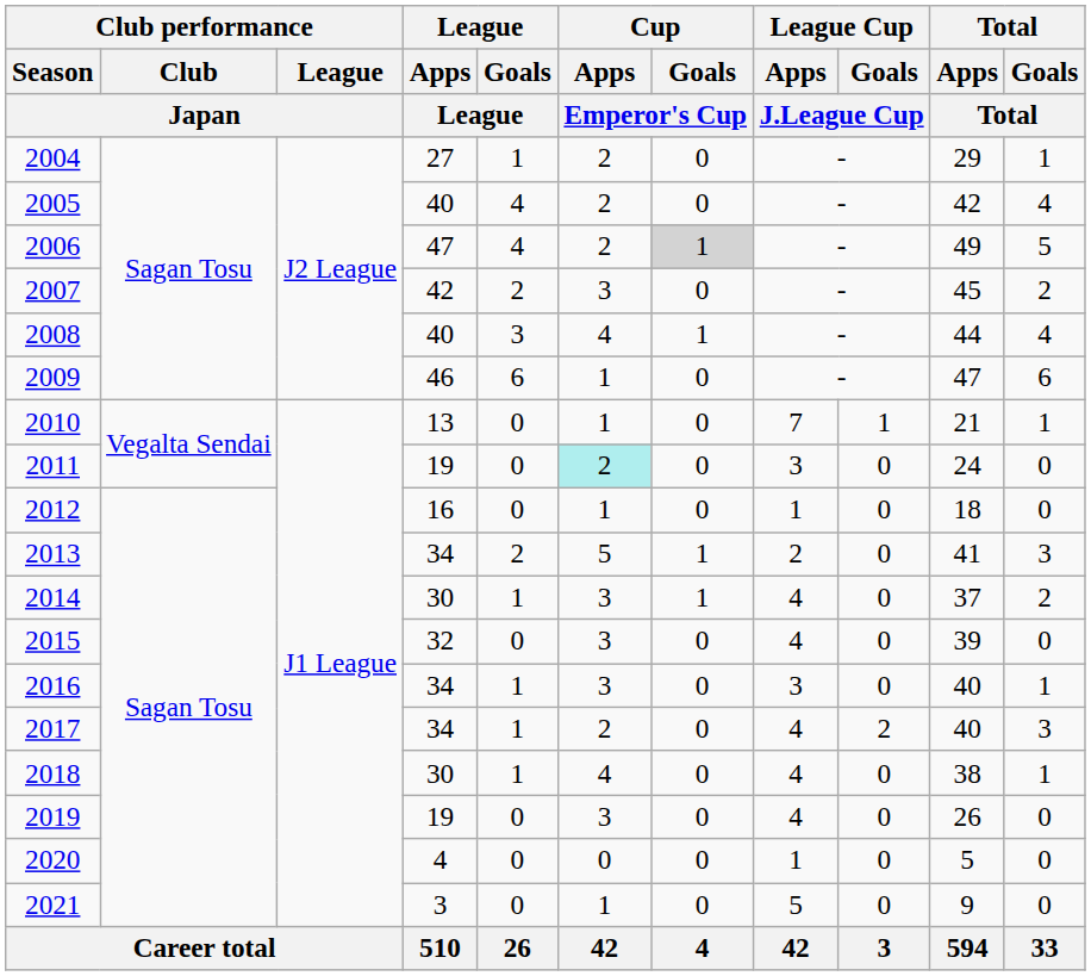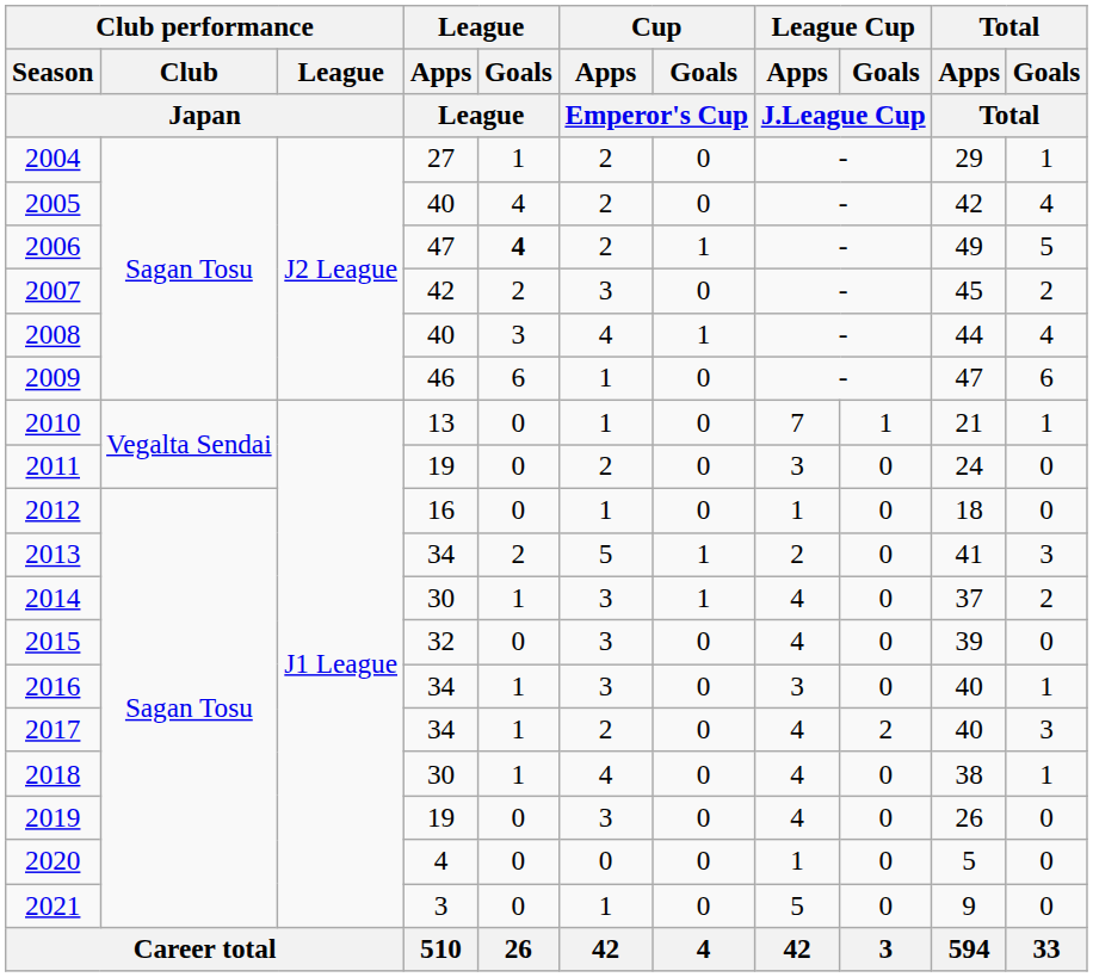 <table class="wikitable" style="text-align:center">
 <tr>
 <th colspan=3>Club performance</th>
 <th colspan=2>League</th>
 <th colspan=2>Cup</th>
 <th colspan=2>League Cup</th>
 <th colspan=2>Total</th>
 </tr>
 <tr>
 <th>Season</th>
 <th>Club</th>
 <th>League</th>
 <th>Apps</th>
 <th>Goals</th>
 <th>Apps</th>
 <th>Goals</th>
 <th>Apps</th>
 <th>Goals</th>
 <th>Apps</th>
 <th>Goals</th>
 </tr>
 <tr>
 <th colspan=3>Japan</th>
 <th colspan=2>League</th>
 <th colspan=2><a href='#'>Emperor's Cup</a></th>
 <th colspan=2><a href='#'>J.League Cup</a></th>
 <th colspan=2>Total</th>
 </tr>
 <tr>
 <td><a href='#'>2004</a></td>
 <td rowspan="6"><a href='#'>Sagan Tosu</a></td>
 <td rowspan="6"><a href='#'>J2 League</a></td>
 <td>27</td>
 <td>1</td>
 <td>2</td>
 <td>0</td>
 <td colspan="2">-</td>
 <td>29</td>
 <td>1</td>
 </tr>
 <tr>
 <td><a href='#'>2005</a></td>
 <td>40</td>
 <td>4</td>
 <td>2</td>
 <td>0</td>
 <td colspan="2">-</td>
 <td>42</td>
 <td>4</td>
 </tr>
 <tr>
 <td><a href='#'>2006</a></td>
 <td>47</td>
-<td>4</td>
+<td><strong>4</strong></td>
 <td>2</td>
-<td style="background: lightgrey;">1</td>
+<td>1</td>
 <td colspan="2">-</td>
 <td>49</td>
 <td>5</td>
 </tr>
 <tr>
 <td><a href='#'>2007</a></td>
 <td>42</td>
 <td>2</td>
 <td>3</td>
 <td>0</td>
 <td colspan="2">-</td>
 <td>45</td>
 <td>2</td>
 </tr>
 <tr>
 <td><a href='#'>2008</a></td>
 <td>40</td>
 <td>3</td>
 <td>4</td>
 <td>1</td>
 <td colspan="2">-</td>
 <td>44</td>
 <td>4</td>
 </tr>
 <tr>
 <td><a href='#'>2009</a></td>
 <td>46</td>
 <td>6</td>
 <td>1</td>
 <td>0</td>
 <td colspan="2">-</td>
 <td>47</td>
 <td>6</td>
 </tr>
 <tr>
 <td><a href='#'>2010</a></td>
 <td rowspan="2"><a href='#'>Vegalta Sendai</a></td>
 <td rowspan="12"><a href='#'>J1 League</a></td>
 <td>13</td>
 <td>0</td>
 <td>1</td>
 <td>0</td>
 <td>7</td>
 <td>1</td>
 <td>21</td>
 <td>1</td>
 </tr>
 <tr>
 <td><a href='#'>2011</a></td>
 <td>19</td>
 <td>0</td>
-<td style="background: paleturquoise;">2</td>
+<td>2</td>
 <td>0</td>
 <td>3</td>
 <td>0</td>
 <td>24</td>
 <td>0</td>
 </tr>
 <tr>
 <td><a href='#'>2012</a></td>
 <td rowspan="10"><a href='#'>Sagan Tosu</a></td>
 <td>16</td>
 <td>0</td>
 <td>1</td>
 <td>0</td>
 <td>1</td>
 <td>0</td>
 <td>18</td>
 <td>0</td>
 </tr>
 <tr>
 <td><a href='#'>2013</a></td>
 <td>34</td>
 <td>2</td>
 <td>5</td>
 <td>1</td>
 <td>2</td>
 <td>0</td>
 <td>41</td>
 <td>3</td>
 </tr>
 <tr>
 <td><a href='#'>2014</a></td>
 <td>30</td>
 <td>1</td>
 <td>3</td>
 <td>1</td>
 <td>4</td>
 <td>0</td>
 <td>37</td>
 <td>2</td>
 </tr>
 <tr>
 <td><a href='#'>2015</a></td>
 <td>32</td>
 <td>0</td>
 <td>3</td>
 <td>0</td>
 <td>4</td>
 <td>0</td>
 <td>39</td>
 <td>0</td>
 </tr>
 <tr>
 <td><a href='#'>2016</a></td>
 <td>34</td>
 <td>1</td>
 <td>3</td>
 <td>0</td>
 <td>3</td>
 <td>0</td>
 <td>40</td>
 <td>1</td>
 </tr>
 <tr>
 <td><a href='#'>2017</a></td>
 <td>34</td>
 <td>1</td>
 <td>2</td>
 <td>0</td>
 <td>4</td>
 <td>2</td>
 <td>40</td>
 <td>3</td>
 </tr>
 <tr>
 <td><a href='#'>2018</a></td>
 <td>30</td>
 <td>1</td>
 <td>4</td>
 <td>0</td>
 <td>4</td>
 <td>0</td>
 <td>38</td>
 <td>1</td>
 </tr>
 <tr>
 <td><a href='#'>2019</a></td>
 <td>19</td>
 <td>0</td>
 <td>3</td>
 <td>0</td>
 <td>4</td>
 <td>0</td>
 <td>26</td>
 <td>0</td>
 </tr>
 <tr>
 <td><a href='#'>2020</a></td>
 <td>4</td>
 <td>0</td>
 <td>0</td>
 <td>0</td>
 <td>1</td>
 <td>0</td>
 <td>5</td>
 <td>0</td>
 </tr>
 <tr>
 <td><a href='#'>2021</a></td>
 <td>3</td>
 <td>0</td>
 <td>1</td>
 <td>0</td>
 <td>5</td>
 <td>0</td>
 <td>9</td>
 <td>0</td>
 </tr>
 <tr>
 <th colspan=3>Career total</th>
 <th>510</th>
 <th>26</th>
 <th>42</th>
 <th>4</th>
 <th>42</th>
 <th>3</th>
 <th>594</th>
 <th>33</th>
 </tr>
 </table>
